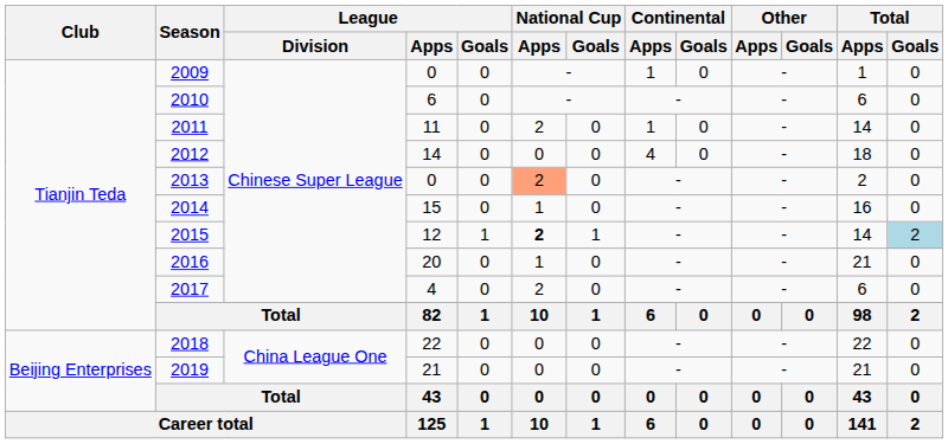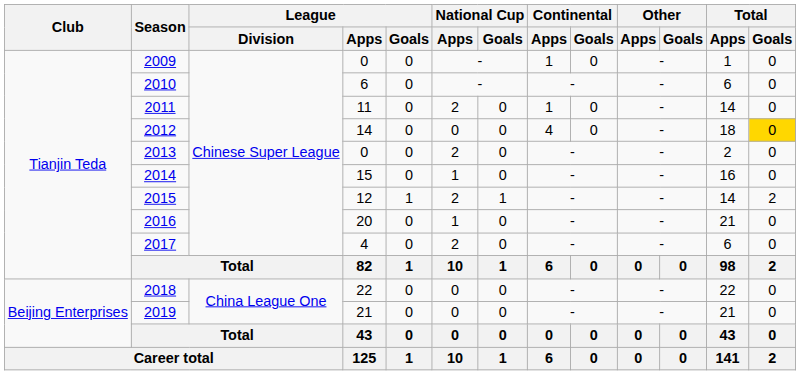 <table class="wikitable" style="text-align: center">
 <tr>
 <th rowspan="2">Club</th>
 <th rowspan="2">Season</th>
 <th colspan="3">League</th>
 <th colspan="2">National Cup</th>
 <th colspan="2">Continental</th>
 <th colspan="2">Other</th>
 <th colspan="2">Total</th>
 </tr>
 <tr>
 <th>Division</th>
 <th>Apps</th>
 <th>Goals</th>
 <th>Apps</th>
 <th>Goals</th>
 <th>Apps</th>
 <th>Goals</th>
 <th>Apps</th>
 <th>Goals</th>
 <th>Apps</th>
 <th>Goals</th>
 </tr>
 <tr>
 <td rowspan=10><a href='#'>Tianjin Teda</a></td>
 <td><a href='#'>2009</a></td>
 <td rowspan="9"><a href='#'>Chinese Super League</a></td>
 <td>0</td>
 <td>0</td>
 <td colspan="2">-</td>
 <td>1</td>
 <td>0</td>
 <td colspan="2">-</td>
 <td>1</td>
 <td>0</td>
 </tr>
 <tr>
 <td><a href='#'>2010</a></td>
 <td>6</td>
 <td>0</td>
 <td colspan="2">-</td>
 <td colspan="2">-</td>
 <td colspan="2">-</td>
 <td>6</td>
 <td>0</td>
 </tr>
 <tr>
 <td><a href='#'>2011</a></td>
 <td>11</td>
 <td>0</td>
 <td>2</td>
 <td>0</td>
 <td>1</td>
 <td>0</td>
 <td colspan="2">-</td>
 <td>14</td>
 <td>0</td>
 </tr>
 <tr>
 <td><a href='#'>2012</a></td>
 <td>14</td>
 <td>0</td>
 <td>0</td>
 <td>0</td>
 <td>4</td>
 <td>0</td>
 <td colspan="2">-</td>
 <td>18</td>
-<td>0</td>
+<td style="background: gold;">0</td>
 </tr>
 <tr>
 <td><a href='#'>2013</a></td>
 <td>0</td>
 <td>0</td>
-<td style="background: lightsalmon;">2</td>
+<td>2</td>
 <td>0</td>
 <td colspan="2">-</td>
 <td colspan="2">-</td>
 <td>2</td>
 <td>0</td>
 </tr>
 <tr>
 <td><a href='#'>2014</a></td>
 <td>15</td>
 <td>0</td>
 <td>1</td>
 <td>0</td>
 <td colspan="2">-</td>
 <td colspan="2">-</td>
 <td>16</td>
 <td>0</td>
 </tr>
 <tr>
 <td><a href='#'>2015</a></td>
 <td>12</td>
 <td>1</td>
-<td><strong>2</strong></td>
+<td>2</td>
 <td>1</td>
 <td colspan="2">-</td>
 <td colspan="2">-</td>
 <td>14</td>
-<td style="background: lightblue;">2</td>
+<td>2</td>
 </tr>
 <tr>
 <td><a href='#'>2016</a></td>
 <td>20</td>
 <td>0</td>
 <td>1</td>
 <td>0</td>
 <td colspan="2">-</td>
 <td colspan="2">-</td>
 <td>21</td>
 <td>0</td>
 </tr>
 <tr>
 <td><a href='#'>2017</a></td>
 <td>4</td>
 <td>0</td>
 <td>2</td>
 <td>0</td>
 <td colspan="2">-</td>
 <td colspan="2">-</td>
 <td>6</td>
 <td>0</td>
 </tr>
 <tr>
 <th colspan="2">Total</th>
 <th>82</th>
 <th>1</th>
 <th>10</th>
 <th>1</th>
 <th>6</th>
 <th>0</th>
 <th>0</th>
 <th>0</th>
 <th>98</th>
 <th>2</th>
 </tr>
 <tr>
 <td rowspan=3><a href='#'>Beijing Enterprises</a></td>
 <td><a href='#'>2018</a></td>
 <td rowspan=2><a href='#'>China League One</a></td>
 <td>22</td>
 <td>0</td>
 <td>0</td>
 <td>0</td>
 <td colspan="2">-</td>
 <td colspan="2">-</td>
 <td>22</td>
 <td>0</td>
 </tr>
 <tr>
 <td><a href='#'>2019</a></td>
 <td>21</td>
 <td>0</td>
 <td>0</td>
 <td>0</td>
 <td colspan="2">-</td>
 <td colspan="2">-</td>
 <td>21</td>
 <td>0</td>
 </tr>
 <tr>
 <th colspan="2">Total</th>
 <th>43</th>
 <th>0</th>
 <th>0</th>
 <th>0</th>
 <th>0</th>
 <th>0</th>
 <th>0</th>
 <th>0</th>
 <th>43</th>
 <th>0</th>
 </tr>
 <tr>
 <th colspan=3>Career total</th>
 <th>125</th>
 <th>1</th>
 <th>10</th>
 <th>1</th>
 <th>6</th>
 <th>0</th>
 <th>0</th>
 <th>0</th>
 <th>141</th>
 <th>2</th>
 </tr>
 </table>
